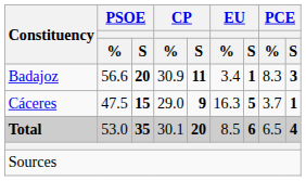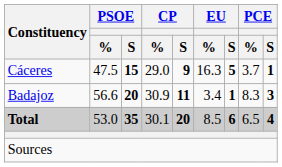 <table class="wikitable sortable" style="text-align:right; line-height:20px;">
 <tr>
 <th rowspan="3">Constituency</th>
 <th colspan="2" width="30px" class="unsortable"><a href='#'>PSOE</a></th>
 <th colspan="2" width="30px" class="unsortable"><a href='#'>CP</a></th>
 <th colspan="2" width="30px" class="unsortable"><a href='#'>EU</a></th>
 <th colspan="2" width="30px" class="unsortable"><a href='#'>PCE</a></th>
 </tr>
 <tr>
 <th colspan="2" style="background:"></th>
 <th colspan="2" style="background:"></th>
 <th colspan="2" style="background:"></th>
 <th colspan="2" style="background:"></th>
 </tr>
 <tr>
 <th data-sort-type="number">%</th>
 <th data-sort-type="number">S</th>
 <th data-sort-type="number">%</th>
 <th data-sort-type="number">S</th>
 <th data-sort-type="number">%</th>
 <th data-sort-type="number">S</th>
 <th data-sort-type="number">%</th>
 <th data-sort-type="number">S</th>
 </tr>
 <tr>
+<td align="left"><a href='#'>Cáceres</a></td>
+<td style="background:">47.5</td>
+<td><strong>15</strong></td>
+<td>29.0</td>
+<td><strong>9</strong></td>
+<td>16.3</td>
+<td><strong>5</strong></td>
+<td>3.7</td>
+<td><strong>1</strong></td>
+</tr>
+<tr>
 <td align="left"><a href='#'>Badajoz</a></td>
 <td style="background:">56.6</td>
 <td><strong>20</strong></td>
 <td>30.9</td>
 <td><strong>11</strong></td>
 <td>3.4</td>
 <td><strong>1</strong></td>
 <td>8.3</td>
 <td><strong>3</strong></td>
-</tr>
-<tr>
-<td align="left"><a href='#'>Cáceres</a></td>
-<td style="background:">47.5</td>
-<td><strong>15</strong></td>
-<td>29.0</td>
-<td><strong>9</strong></td>
-<td>16.3</td>
-<td><strong>5</strong></td>
-<td>3.7</td>
-<td><strong>1</strong></td>
 </tr>
 <tr style="background:#CDCDCD;">
 <td align="left"><strong>Total</strong></td>
 <td style="background:">53.0</td>
 <td><strong>35</strong></td>
 <td>30.1</td>
 <td><strong>20</strong></td>
 <td>8.5</td>
 <td><strong>6</strong></td>
 <td>6.5</td>
 <td><strong>4</strong></td>
 </tr>
 <tr>
 <th colspan="9"></th>
 </tr>
 <tr>
 <th style="text-align:left; font-weight:normal; background:#F9F9F9" colspan="9">Sources</th>
 </tr>
 </table>
